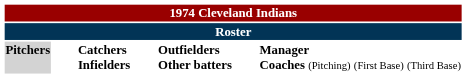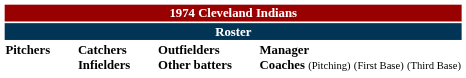 <table class="toccolours" style="font-size: 95%;">
 <tr>
 <th colspan="10" style="background-color: #990000; color: white; text-align: center;">1974 Cleveland Indians</th>
 </tr>
 <tr>
 <td colspan="10" style="background-color: #023456; color: white; text-align: center;"><strong>Roster</strong></td>
 </tr>
 <tr>
-<td valign="top" style="background: lightgrey;"><strong>Pitchers</strong><br>                 </td>
+<td valign="top"><strong>Pitchers</strong><br>                 </td>
 <td width="25px"></td>
 <td valign="top"><strong>Catchers</strong><br>  <strong>Infielders</strong>                </td>
 <td width="25px"></td>
 <td valign="top"><strong>Outfielders</strong><br>        <strong>Other batters</strong> </td>
 <td width="25px"></td>
 <td valign="top"><strong>Manager</strong><br> <strong>Coaches</strong>  <small>(Pitching)</small>  <small>(First Base)</small>  <small>(Third Base)</small></td>
 </tr>
 </table>
